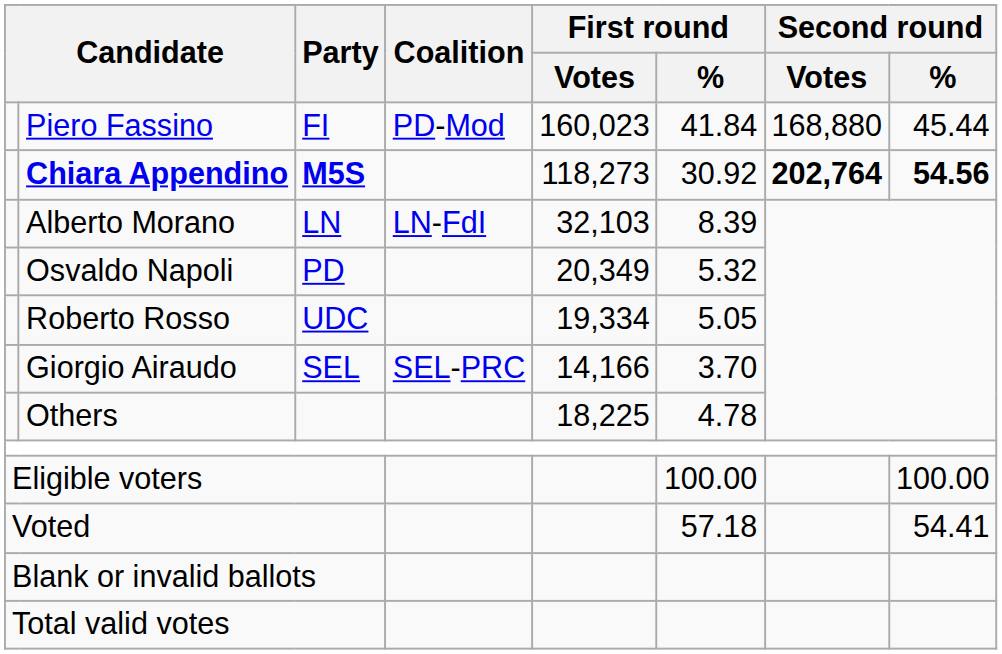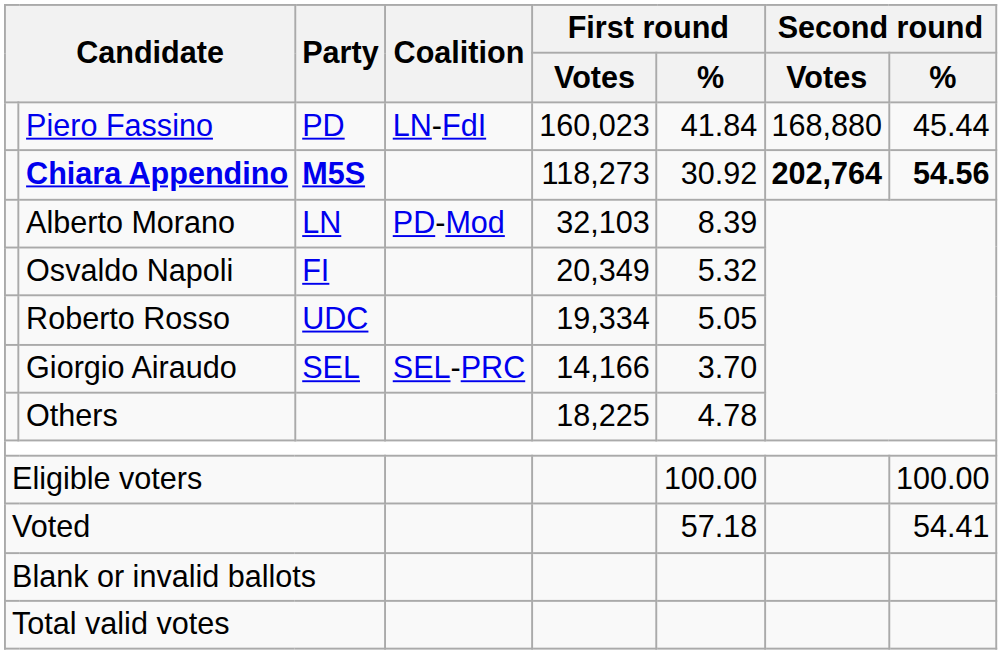 <table class="wikitable centre">
 <tr>
 <th scope="col" rowspan=2 colspan=2>Candidate</th>
 <th scope="col" rowspan=2 colspan=1>Party</th>
 <th scope="col" rowspan=2 colspan=1>Coalition</th>
 <th scope="col" colspan=2>First round</th>
 <th scope="col" colspan=2>Second round</th>
 </tr>
 <tr>
 <th scope="col">Votes</th>
 <th scope="col">%</th>
 <th scope="col">Votes</th>
 <th scope="col">%</th>
 </tr>
 <tr>
 <td></td>
 <td><a href='#'>Piero Fassino</a></td>
-<td><a href='#'>FI</a></td>
-<td><a href='#'>PD</a>-<a href='#'>Mod</a></td>
+<td><a href='#'>PD</a></td>
+<td><a href='#'>LN</a>-<a href='#'>FdI</a></td>
 <td style="text-align: right">160,023</td>
 <td style="text-align: right">41.84</td>
 <td style="text-align: right">168,880</td>
 <td style="text-align: right">45.44</td>
 </tr>
 <tr>
 <td></td>
 <td><strong><a href='#'>Chiara Appendino</a></strong></td>
 <td><strong><a href='#'>M5S</a></strong></td>
 <td></td>
 <td style="text-align: right">118,273</td>
 <td style="text-align: right">30.92</td>
 <td style="text-align: right"><strong>202,764</strong></td>
 <td style="text-align: right"><strong>54.56</strong></td>
 </tr>
 <tr>
 <td></td>
 <td>Alberto Morano</td>
 <td><a href='#'>LN</a></td>
-<td><a href='#'>LN</a>-<a href='#'>FdI</a></td>
+<td><a href='#'>PD</a>-<a href='#'>Mod</a></td>
 <td style="text-align: right">32,103</td>
 <td style="text-align: right">8.39</td>
 </tr>
 <tr>
 <td></td>
 <td>Osvaldo Napoli</td>
-<td><a href='#'>PD</a></td>
+<td><a href='#'>FI</a></td>
 <td></td>
 <td style="text-align: right">20,349</td>
 <td style="text-align: right">5.32</td>
 </tr>
 <tr>
 <td></td>
 <td>Roberto Rosso</td>
 <td><a href='#'>UDC</a></td>
 <td></td>
 <td style="text-align: right">19,334</td>
 <td style="text-align: right">5.05</td>
 </tr>
 <tr>
 <td></td>
 <td>Giorgio Airaudo</td>
 <td><a href='#'>SEL</a></td>
 <td><a href='#'>SEL</a>-<a href='#'>PRC</a></td>
 <td style="text-align: right">14,166</td>
 <td style="text-align: right">3.70</td>
 </tr>
 <tr>
 <td bgcolor=""></td>
 <td>Others</td>
 <td></td>
 <td></td>
 <td style="text-align: right">18,225</td>
 <td style="text-align: right">4.78</td>
 </tr>
 <tr bgcolor=white>
 <td colspan=8></td>
 </tr>
 <tr>
 <td colspan=3>Eligible voters</td>
 <td></td>
 <td style="text-align: right"></td>
 <td style="text-align: right">100.00</td>
 <td style="text-align: right"></td>
 <td style="text-align: right">100.00</td>
 </tr>
 <tr>
 <td colspan=3>Voted</td>
 <td></td>
 <td style="text-align: right"></td>
 <td style="text-align: right">57.18</td>
 <td style="text-align: right"></td>
 <td style="text-align: right">54.41</td>
 </tr>
 <tr>
 <td colspan=3>Blank or invalid ballots</td>
 <td></td>
 <td style="text-align: right"></td>
 <td style="text-align: right"></td>
 <td style="text-align: right"></td>
 <td style="text-align: right"></td>
 </tr>
 <tr>
 <td colspan=3>Total valid votes</td>
 <td></td>
 <td style="text-align: right"></td>
 <td style="text-align: right"></td>
 <td style="text-align: right"></td>
 <td style="text-align: right"></td>
 </tr>
 </table>
